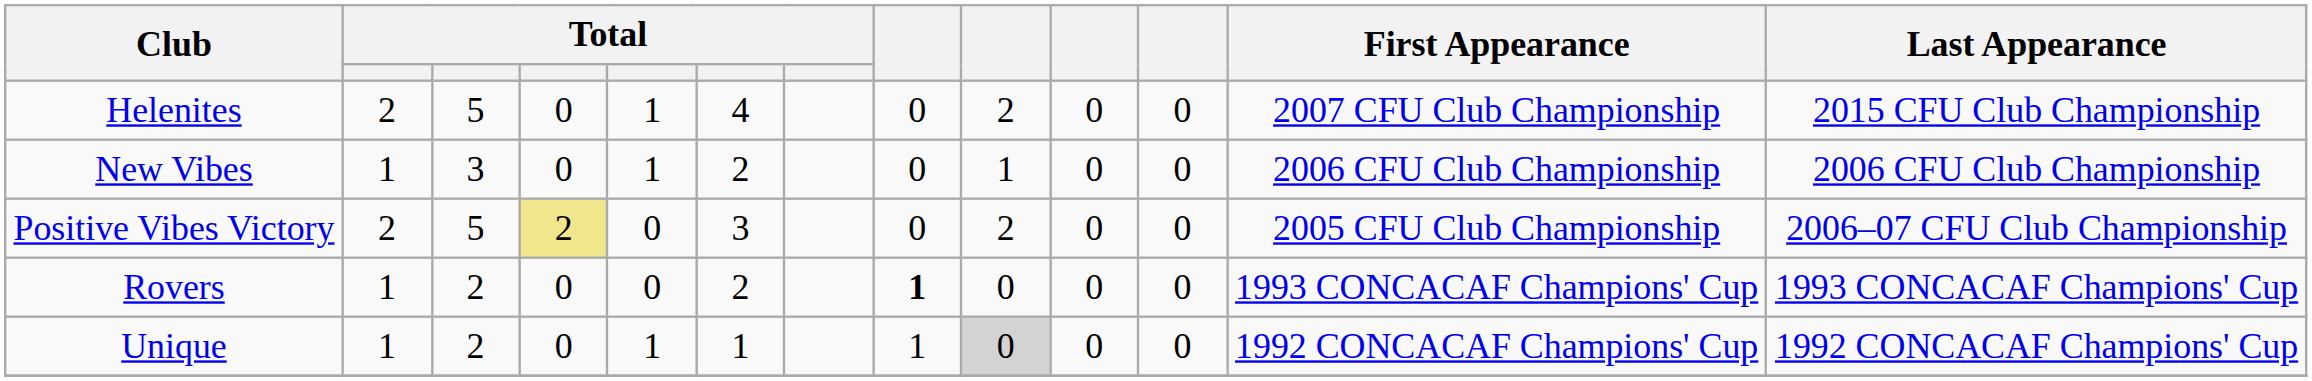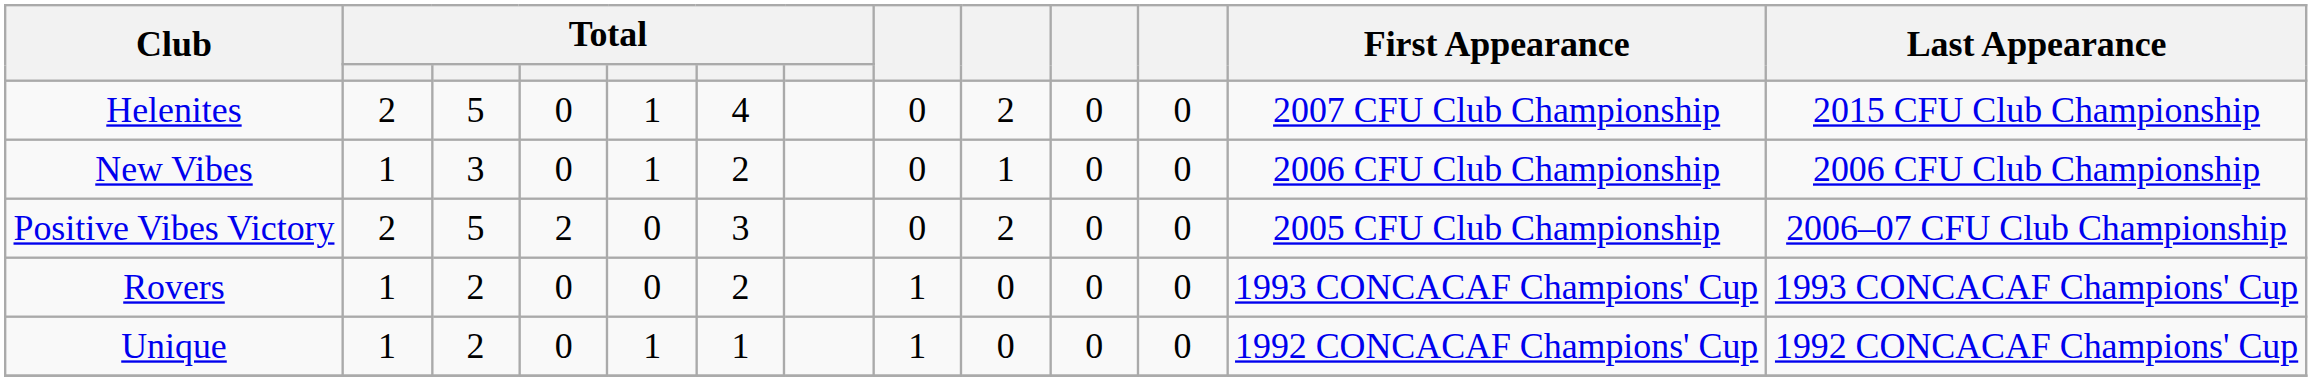 <table class="wikitable sortable" style="font-size:95%; text-align: center;">
 <tr>
 <th rowspan=2>Club</th>
 <th style="width:30px;" colspan=6>Total</th>
 <th rowspan=2 style="width:2em"></th>
 <th rowspan=2 style="width:2em"></th>
 <th rowspan=2 style="width:2em"></th>
 <th rowspan=2 style="width:2em"></th>
 <th rowspan=2>First Appearance</th>
 <th rowspan=2>Last Appearance</th>
 </tr>
 <tr>
 <th style="width:2em"></th>
 <th style="width:2em"></th>
 <th style="width:2em"></th>
 <th style="width:2em"></th>
 <th style="width:2em"></th>
 <th style="width:2em"></th>
 </tr>
 <tr>
 <td><a href='#'>Helenites</a></td>
 <td>2</td>
 <td>5</td>
 <td>0</td>
 <td>1</td>
 <td>4</td>
 <td></td>
 <td>0</td>
 <td>2</td>
 <td>0</td>
 <td>0</td>
 <td><a href='#'>2007 CFU Club Championship</a></td>
 <td><a href='#'>2015 CFU Club Championship</a></td>
 </tr>
 <tr>
 <td><a href='#'>New Vibes</a></td>
 <td>1</td>
 <td>3</td>
 <td>0</td>
 <td>1</td>
 <td>2</td>
 <td></td>
 <td>0</td>
 <td>1</td>
 <td>0</td>
 <td>0</td>
 <td><a href='#'>2006 CFU Club Championship</a></td>
 <td><a href='#'>2006 CFU Club Championship</a></td>
 </tr>
 <tr>
 <td><a href='#'>Positive Vibes Victory</a></td>
 <td>2</td>
 <td>5</td>
-<td style="background: khaki;">2</td>
+<td>2</td>
 <td>0</td>
 <td>3</td>
 <td></td>
 <td>0</td>
 <td>2</td>
 <td>0</td>
 <td>0</td>
 <td><a href='#'>2005 CFU Club Championship</a></td>
 <td><a href='#'>2006–07 CFU Club Championship</a></td>
 </tr>
 <tr>
 <td><a href='#'>Rovers</a></td>
 <td>1</td>
 <td>2</td>
 <td>0</td>
 <td>0</td>
 <td>2</td>
 <td></td>
-<td><strong>1</strong></td>
+<td>1</td>
 <td>0</td>
 <td>0</td>
 <td>0</td>
 <td><a href='#'>1993 CONCACAF Champions' Cup</a></td>
 <td><a href='#'>1993 CONCACAF Champions' Cup</a></td>
 </tr>
 <tr>
 <td><a href='#'>Unique</a></td>
 <td>1</td>
 <td>2</td>
 <td>0</td>
 <td>1</td>
 <td>1</td>
 <td></td>
 <td>1</td>
-<td style="background: lightgrey;">0</td>
+<td>0</td>
 <td>0</td>
 <td>0</td>
 <td><a href='#'>1992 CONCACAF Champions' Cup</a></td>
 <td><a href='#'>1992 CONCACAF Champions' Cup</a></td>
 </tr>
 <tr>
 </tr>
 </table>
